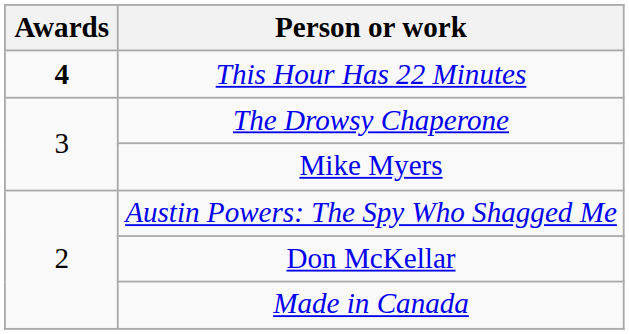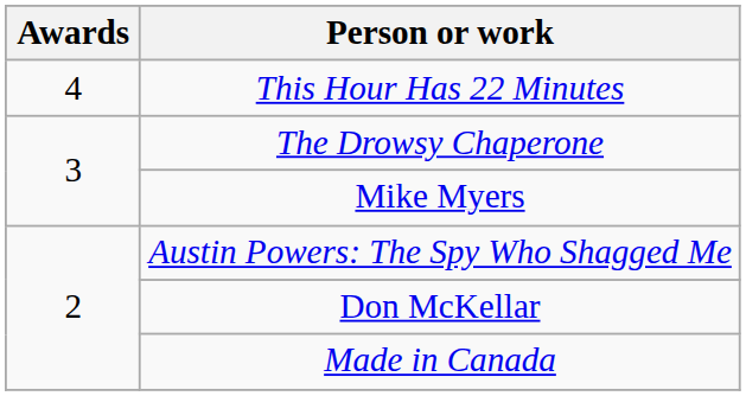 <table class="wikitable sortable" style="text-align:center;" background: #f6e39c;>
 <tr>
 <th scope="col" style="width:55px;">Awards</th>
 <th scope="col" style="text-align:center;">Person or work</th>
 </tr>
 <tr>
-<td style="text-align:center"><strong>4</strong></td>
+<td style="text-align:center">4</td>
 <td><em><a href='#'>This Hour Has 22 Minutes</a></em></td>
 </tr>
 <tr>
 <td rowspan=2 style="text-align:center">3</td>
 <td><em><a href='#'>The Drowsy Chaperone</a></em></td>
 </tr>
 <tr>
 <td><a href='#'>Mike Myers</a></td>
 </tr>
 <tr>
 <td rowspan=3 style="text-align:center">2</td>
 <td><em><a href='#'>Austin Powers: The Spy Who Shagged Me</a></em></td>
 </tr>
 <tr>
 <td><a href='#'>Don McKellar</a></td>
 </tr>
 <tr>
 <td><em><a href='#'>Made in Canada</a></em></td>
 </tr>
 </table>
